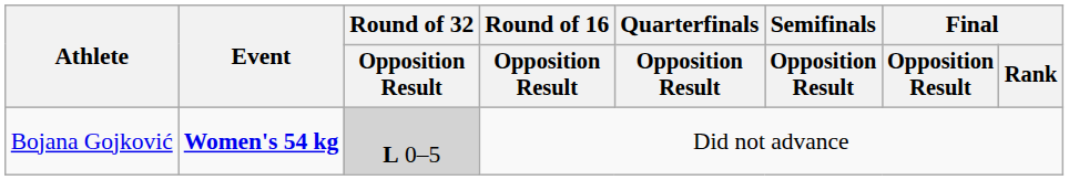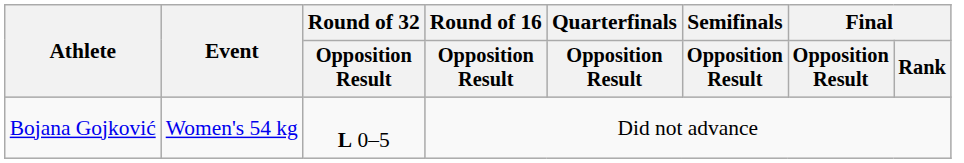 <table class="wikitable" style="font-size:90%">
 <tr>
 <th rowspan="2">Athlete</th>
 <th rowspan="2">Event</th>
 <th>Round of 32</th>
 <th>Round of 16</th>
 <th>Quarterfinals</th>
 <th>Semifinals</th>
 <th colspan=2>Final</th>
 </tr>
 <tr style="font-size:95%">
 <th>Opposition<br>Result</th>
 <th>Opposition<br>Result</th>
 <th>Opposition<br>Result</th>
 <th>Opposition<br>Result</th>
 <th>Opposition<br>Result</th>
 <th>Rank</th>
 </tr>
 <tr align=center>
 <td align=left><a href='#'>Bojana Gojković</a></td>
-<td align=left><strong><a href='#'>Women's 54 kg</a></strong></td>
-<td style="background: lightgrey;"><br><strong>L</strong> 0–5</td>
+<td align=left><a href='#'>Women's 54 kg</a></td>
+<td><br><strong>L</strong> 0–5</td>
 <td colspan=5>Did not advance</td>
 </tr>
 </table>
